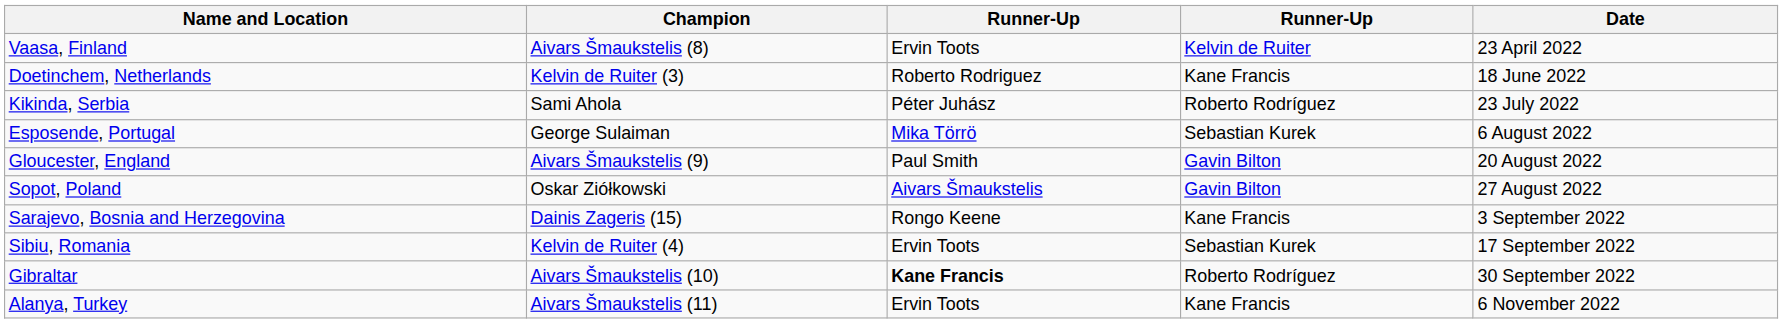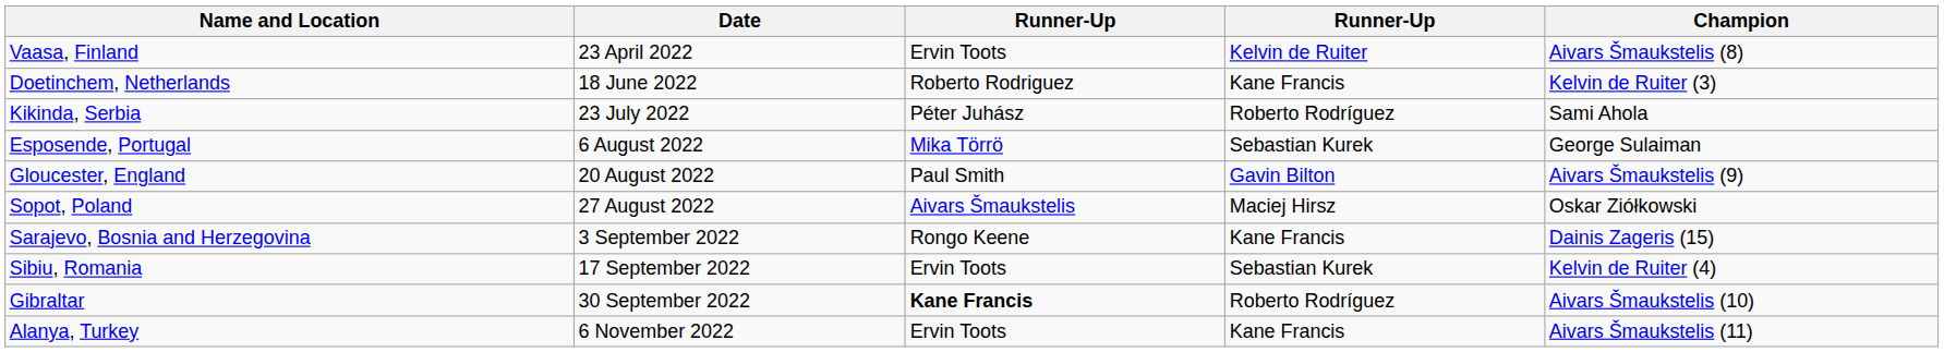 <table class="wikitable" style="display: inline-table;width: 100%;">
 <tr>
 <th scope="col">Name and Location</th>
-<th scope="col">Champion</th>
+<th scope="col">Date</th>
 <th scope="col">Runner-Up</th>
 <th scope="col">Runner-Up</th>
-<th scope="col">Date</th>
+<th scope="col">Champion</th>
 </tr>
 <tr>
 <td> <a href='#'>Vaasa</a>, <a href='#'>Finland</a><br> </td>
-<td> <a href='#'>Aivars Šmaukstelis</a> (8)</td>
+<td>23 April 2022</td>
 <td> Ervin Toots</td>
 <td> <a href='#'>Kelvin de Ruiter</a></td>
-<td>23 April 2022</td>
+<td> <a href='#'>Aivars Šmaukstelis</a> (8)</td>
 </tr>
 <tr>
 <td> <a href='#'>Doetinchem</a>, <a href='#'>Netherlands</a><br> </td>
-<td> <a href='#'>Kelvin de Ruiter</a> (3)</td>
+<td>18 June 2022</td>
 <td> Roberto Rodriguez</td>
 <td> Kane Francis</td>
-<td>18 June 2022</td>
+<td> <a href='#'>Kelvin de Ruiter</a> (3)</td>
 </tr>
 <tr>
 <td> <a href='#'>Kikinda</a>, <a href='#'>Serbia</a><br> </td>
-<td> Sami Ahola</td>
+<td>23 July 2022</td>
 <td> Péter Juhász</td>
 <td> Roberto Rodríguez</td>
-<td>23 July 2022</td>
+<td> Sami Ahola</td>
 </tr>
 <tr>
 <td> <a href='#'>Esposende</a>, <a href='#'>Portugal</a><br> </td>
-<td> George Sulaiman</td>
+<td>6 August 2022</td>
 <td> <a href='#'>Mika Törrö</a></td>
 <td> Sebastian Kurek</td>
-<td>6 August 2022</td>
+<td> George Sulaiman</td>
 </tr>
 <tr>
 <td> <a href='#'>Gloucester</a>, <a href='#'>England</a><br> </td>
-<td> <a href='#'>Aivars Šmaukstelis</a> (9)</td>
+<td>20 August 2022</td>
 <td> Paul Smith</td>
 <td> <a href='#'>Gavin Bilton</a></td>
-<td>20 August 2022</td>
+<td> <a href='#'>Aivars Šmaukstelis</a> (9)</td>
 </tr>
 <tr>
 <td> <a href='#'>Sopot</a>, <a href='#'>Poland</a><br> </td>
+<td>27 August 2022</td>
+<td> <a href='#'>Aivars Šmaukstelis</a></td>
+<td> Maciej Hirsz</td>
 <td> Oskar Ziółkowski</td>
-<td> <a href='#'>Aivars Šmaukstelis</a></td>
-<td> <a href='#'>Gavin Bilton</a></td>
-<td>27 August 2022</td>
 </tr>
 <tr>
 <td> <a href='#'>Sarajevo</a>, <a href='#'>Bosnia and Herzegovina</a><br> </td>
-<td> <a href='#'>Dainis Zageris</a> (15)</td>
+<td>3 September 2022</td>
 <td> Rongo Keene</td>
 <td> Kane Francis</td>
-<td>3 September 2022</td>
+<td> <a href='#'>Dainis Zageris</a> (15)</td>
 </tr>
 <tr>
 <td> <a href='#'>Sibiu</a>, <a href='#'>Romania</a><br> </td>
-<td> <a href='#'>Kelvin de Ruiter</a> (4)</td>
+<td>17 September 2022</td>
 <td> Ervin Toots</td>
 <td> Sebastian Kurek</td>
-<td>17 September 2022</td>
+<td> <a href='#'>Kelvin de Ruiter</a> (4)</td>
 </tr>
 <tr>
 <td> <a href='#'>Gibraltar</a><br> </td>
-<td> <a href='#'>Aivars Šmaukstelis</a> (10)</td>
+<td>30 September 2022</td>
 <td><strong> Kane Francis</strong></td>
 <td> Roberto Rodríguez</td>
-<td>30 September 2022</td>
+<td> <a href='#'>Aivars Šmaukstelis</a> (10)</td>
 </tr>
 <tr>
 <td> <a href='#'>Alanya</a>, <a href='#'>Turkey</a><br> </td>
-<td> <a href='#'>Aivars Šmaukstelis</a> (11)</td>
+<td>6 November 2022</td>
 <td> Ervin Toots</td>
 <td> Kane Francis</td>
-<td>6 November 2022</td>
+<td> <a href='#'>Aivars Šmaukstelis</a> (11)</td>
 </tr>
 </table>
